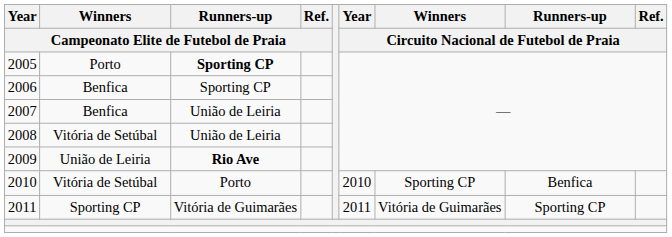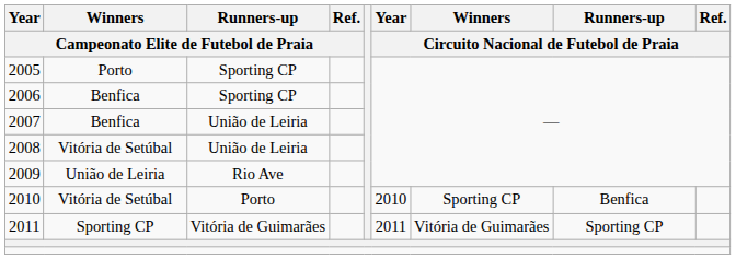 <table class="wikitable mw-collapsible mw-collapsed" style=text-align:center;font-size:95%>
 <tr>
 <th>Year</th>
 <th width=130>Winners</th>
 <th width=130>Runners-up</th>
 <th>Ref.</th>
 <th rowspan=9></th>
 <th>Year</th>
 <th width=130>Winners</th>
 <th width=130>Runners-up</th>
 <th>Ref.</th>
 </tr>
 <tr>
 <th colspan=4>Campeonato Elite de Futebol de Praia</th>
 <th colspan=4>Circuito Nacional de Futebol de Praia</th>
 </tr>
 <tr>
 <td>2005</td>
 <td>Porto</td>
-<td><strong>Sporting CP</strong></td>
+<td>Sporting CP</td>
 <td></td>
 <td colspan=4 rowspan=5>—</td>
 </tr>
 <tr>
 <td>2006</td>
 <td>Benfica</td>
 <td>Sporting CP</td>
 <td></td>
 </tr>
 <tr>
 <td>2007</td>
 <td>Benfica</td>
 <td>União de Leiria</td>
 <td></td>
 </tr>
 <tr>
 <td>2008</td>
 <td>Vitória de Setúbal</td>
 <td>União de Leiria</td>
 <td></td>
 </tr>
 <tr>
 <td>2009</td>
 <td>União de Leiria</td>
-<td><strong>Rio Ave</strong></td>
+<td>Rio Ave</td>
 <td></td>
 </tr>
 <tr>
 <td>2010</td>
 <td>Vitória de Setúbal</td>
 <td>Porto</td>
 <td></td>
 <td>2010</td>
 <td>Sporting CP</td>
 <td>Benfica</td>
 <td></td>
 </tr>
 <tr>
 <td>2011</td>
 <td>Sporting CP</td>
 <td>Vitória de Guimarães</td>
 <td></td>
 <td>2011</td>
 <td>Vitória de Guimarães</td>
 <td>Sporting CP</td>
 <td></td>
 </tr>
 <tr>
 <th colspan=9></th>
 </tr>
 <tr>
 <td colspan=9 align=left></td>
 </tr>
 </table>
